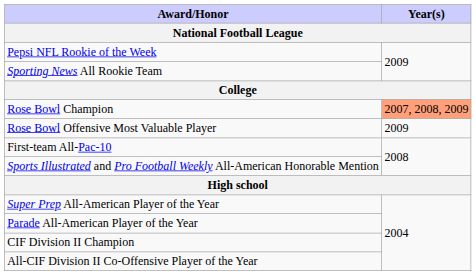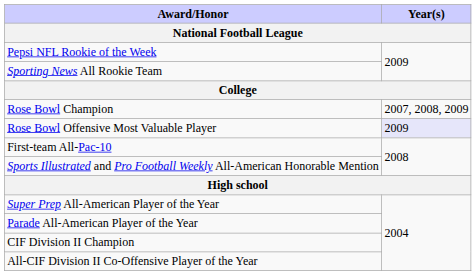 <table class="wikitable" width="auto">
 <tr>
 <th style="background:#ccf;">Award/Honor</th>
 <th style="background:#ccf;">Year(s)</th>
 </tr>
 <tr>
 <th colspan="9" center; background:#ccccff;><span><strong>National Football League</strong></span></th>
 </tr>
 <tr>
 <td><a href='#'>Pepsi NFL Rookie of the Week</a></td>
 <td rowspan="2">2009</td>
 </tr>
 <tr>
 <td><em><a href='#'>Sporting News</a></em> All Rookie Team</td>
 </tr>
 <tr>
 <th colspan="9" center; background:#ccccff;><span><strong>College</strong></span></th>
 </tr>
 <tr>
 <td><a href='#'>Rose Bowl</a> Champion</td>
-<td style="background: lightsalmon;">2007, 2008, 2009</td>
+<td>2007, 2008, 2009</td>
 </tr>
 <tr>
 <td><a href='#'>Rose Bowl</a> Offensive Most Valuable Player</td>
-<td>2009</td>
+<td style="background: lavender;">2009</td>
 </tr>
 <tr>
 <td>First-team All-<a href='#'>Pac-10</a></td>
 <td rowspan="2">2008</td>
 </tr>
 <tr>
 <td><em><a href='#'>Sports Illustrated</a></em> and <em><a href='#'>Pro Football Weekly</a></em> All-American Honorable Mention</td>
 </tr>
 <tr>
 <th colspan="9" center; background:#ccccff;><span><strong>High school</strong></span></th>
 </tr>
 <tr>
 <td><em><a href='#'>Super Prep</a></em> All-American Player of the Year</td>
 <td rowspan="4">2004</td>
 </tr>
 <tr>
 <td><a href='#'>Parade</a> All-American Player of the Year</td>
 </tr>
 <tr>
 <td>CIF Division II Champion</td>
 </tr>
 <tr>
 <td>All-CIF Division II Co-Offensive Player of the Year</td>
 </tr>
 </table>
